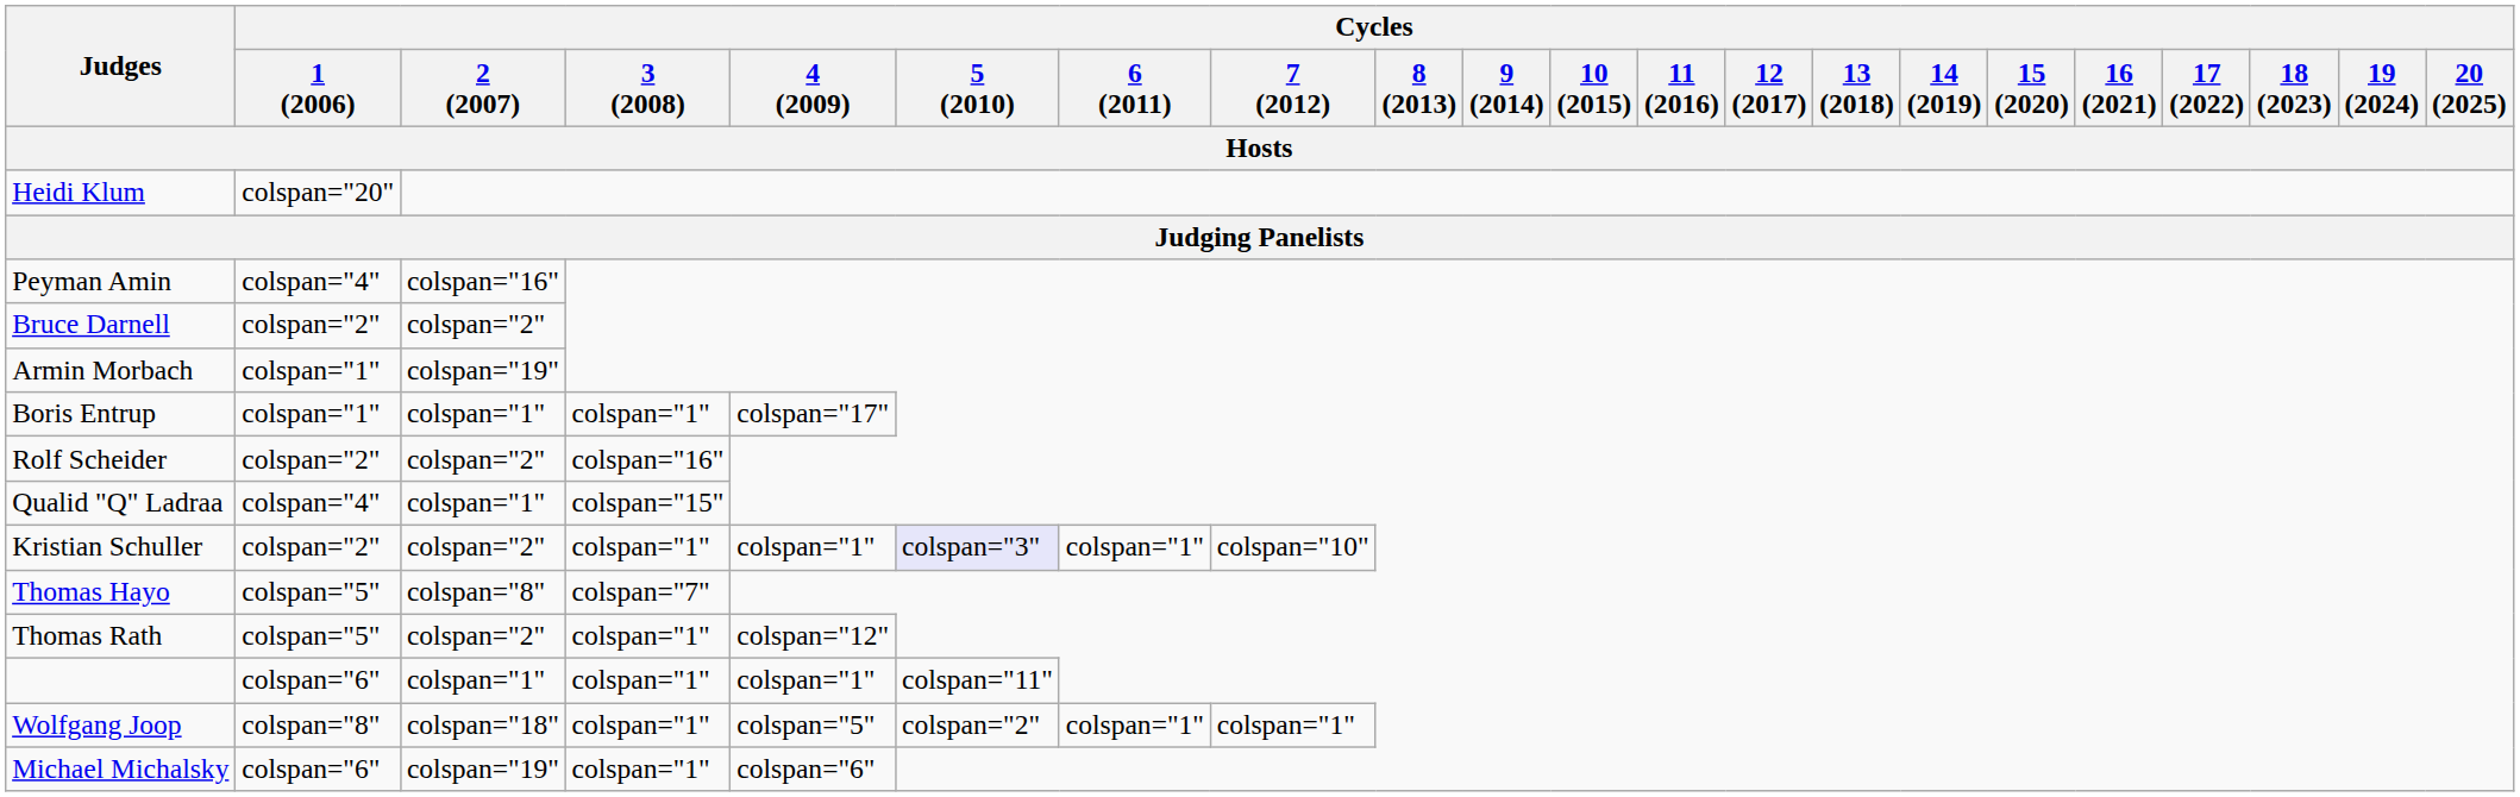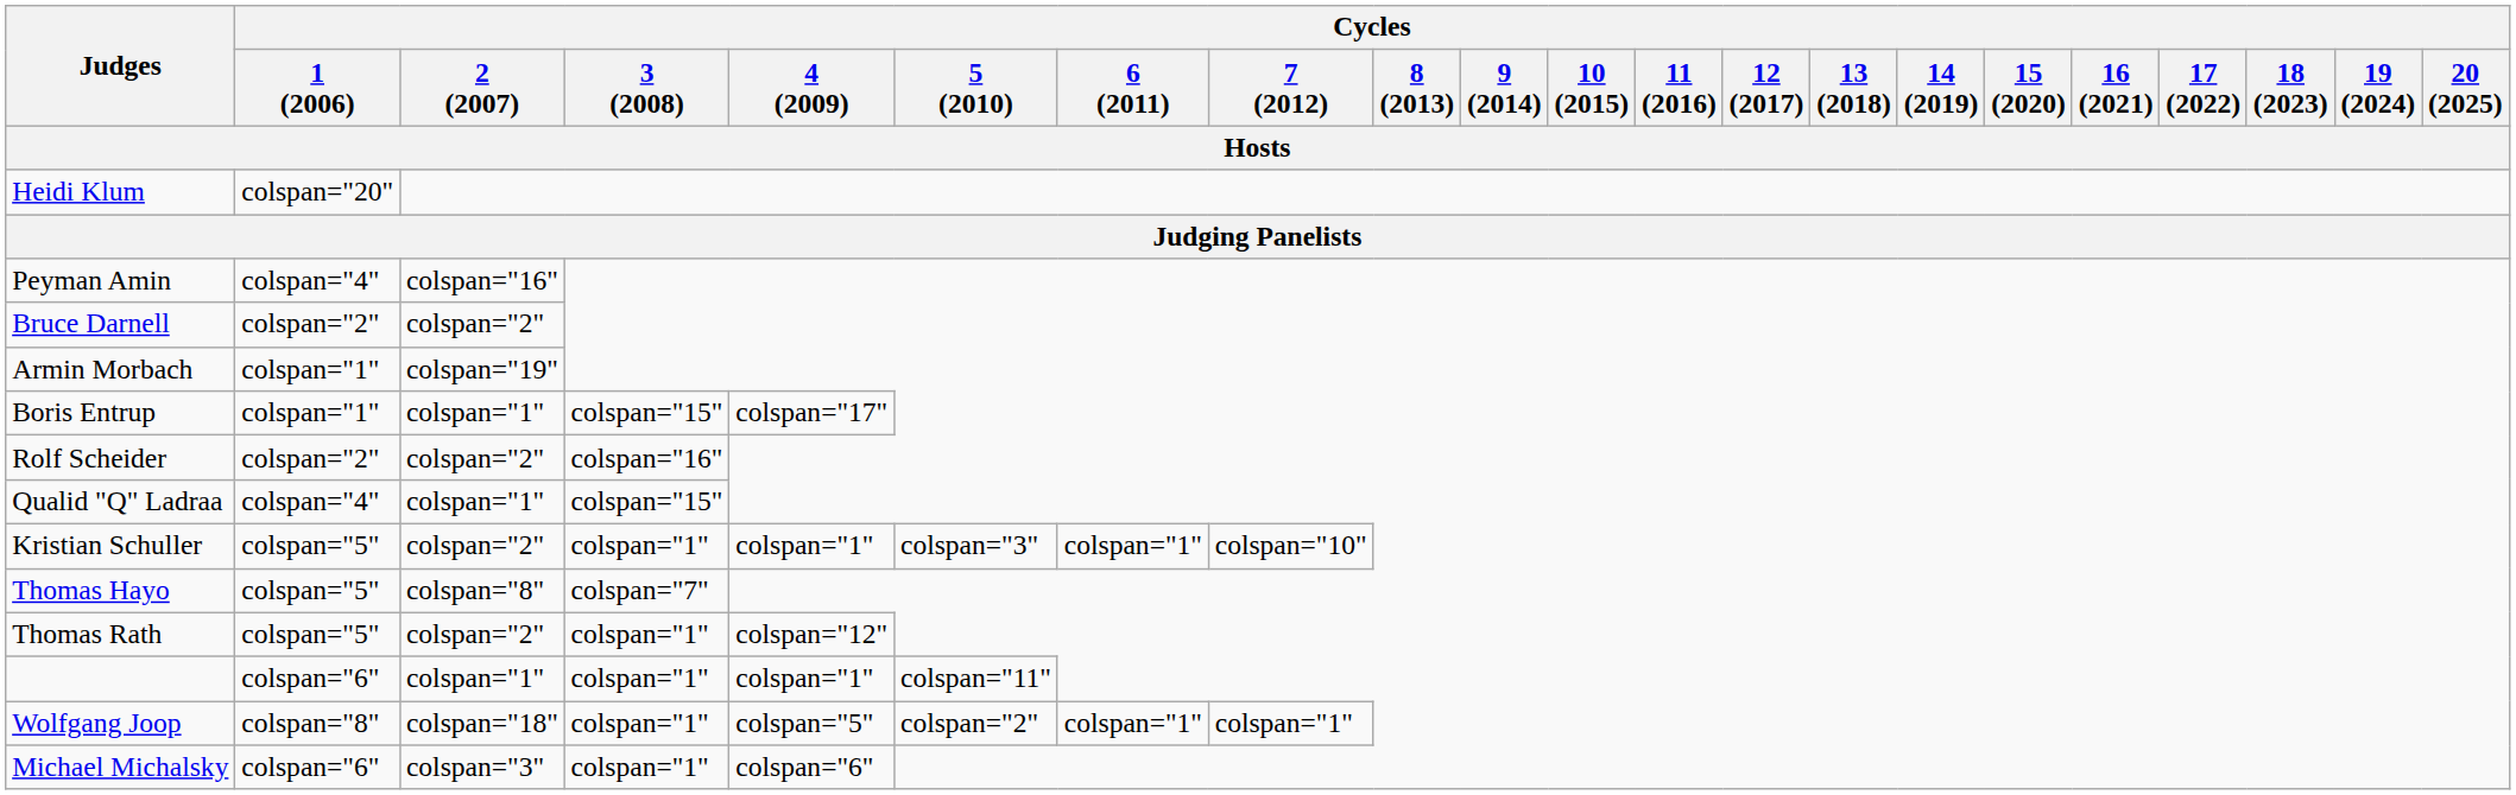 <table class="wikitable">
 <tr>
 <th rowspan="2">Judges</th>
 <th colspan="20">Cycles</th>
 </tr>
 <tr>
 <th><a href='#'>1</a><br> (2006)</th>
 <th><a href='#'>2</a><br> (2007)</th>
 <th><a href='#'>3</a><br> (2008)</th>
 <th><a href='#'>4</a><br> (2009)</th>
 <th><a href='#'>5</a><br> (2010)</th>
 <th><a href='#'>6</a><br> (2011)</th>
 <th><a href='#'>7</a><br> (2012)</th>
 <th><a href='#'>8</a><br> (2013)</th>
 <th><a href='#'>9</a><br> (2014)</th>
 <th><a href='#'>10</a><br> (2015)</th>
 <th><a href='#'>11</a><br> (2016)</th>
 <th><a href='#'>12</a><br> (2017)</th>
 <th><a href='#'>13</a><br> (2018)</th>
 <th><a href='#'>14</a><br> (2019)</th>
 <th><a href='#'>15</a><br> (2020)</th>
 <th><a href='#'>16</a><br> (2021)</th>
 <th><a href='#'>17</a><br> (2022)</th>
 <th><a href='#'>18</a><br> (2023)</th>
 <th><a href='#'>19</a><br> (2024)</th>
 <th><a href='#'>20</a> <br> (2025)</th>
 </tr>
 <tr>
 <th colspan="21" scope="col">Hosts</th>
 </tr>
 <tr>
 <td scope="row"><a href='#'>Heidi Klum</a></td>
 <td>colspan="20" </td>
 </tr>
 <tr>
 <th colspan="21" scope="col">Judging Panelists</th>
 </tr>
 <tr>
 <td scope="row">Peyman Amin</td>
 <td>colspan="4" </td>
 <td>colspan="16" </td>
 </tr>
 <tr>
 <td scope="row"><a href='#'>Bruce Darnell</a></td>
 <td>colspan="2" </td>
 <td>colspan="2" </td>
 </tr>
 <tr>
 <td scope="row">Armin Morbach</td>
 <td>colspan="1" </td>
 <td>colspan="19" </td>
 </tr>
 <tr>
 <td scope="row">Boris Entrup</td>
 <td>colspan="1" </td>
 <td>colspan="1" </td>
-<td>colspan="1" </td>
+<td>colspan="15" </td>
 <td>colspan="17" </td>
 </tr>
 <tr>
 <td scope="row">Rolf Scheider</td>
 <td>colspan="2" </td>
 <td>colspan="2" </td>
 <td>colspan="16" </td>
 </tr>
 <tr>
 <td scope="row">Qualid "Q" Ladraa</td>
 <td>colspan="4" </td>
 <td>colspan="1" </td>
 <td>colspan="15" </td>
 </tr>
 <tr>
 <td scope="row">Kristian Schuller</td>
-<td>colspan="2" </td>
+<td>colspan="5" </td>
 <td>colspan="2" </td>
 <td>colspan="1" </td>
 <td>colspan="1" </td>
-<td style="background: lavender;">colspan="3" </td>
+<td>colspan="3" </td>
 <td>colspan="1" </td>
 <td>colspan="10" </td>
 </tr>
 <tr>
 <td scope="row"><a href='#'>Thomas Hayo</a></td>
 <td>colspan="5" </td>
 <td>colspan="8" </td>
 <td>colspan="7" </td>
 </tr>
 <tr>
 <td scope="row">Thomas Rath</td>
 <td>colspan="5" </td>
 <td>colspan="2" </td>
 <td>colspan="1" </td>
 <td>colspan="12" </td>
 </tr>
 <tr>
 <td scope="row"></td>
 <td>colspan="6" </td>
 <td>colspan="1" </td>
 <td>colspan="1" </td>
 <td>colspan="1" </td>
 <td>colspan="11" </td>
 </tr>
 <tr>
 <td scope="row"><a href='#'>Wolfgang Joop</a></td>
 <td>colspan="8" </td>
 <td>colspan="18" </td>
 <td>colspan="1" </td>
 <td>colspan="5" </td>
 <td>colspan="2" </td>
 <td>colspan="1" </td>
 <td>colspan="1" </td>
 </tr>
 <tr>
 <td scope="row"><a href='#'>Michael Michalsky</a></td>
 <td>colspan="6" </td>
-<td>colspan="19" </td>
+<td>colspan="3" </td>
 <td>colspan="1" </td>
 <td>colspan="6" </td>
 </tr>
 </table>
